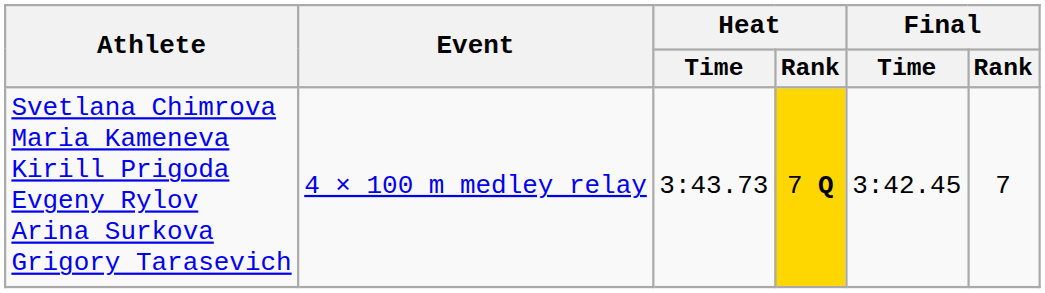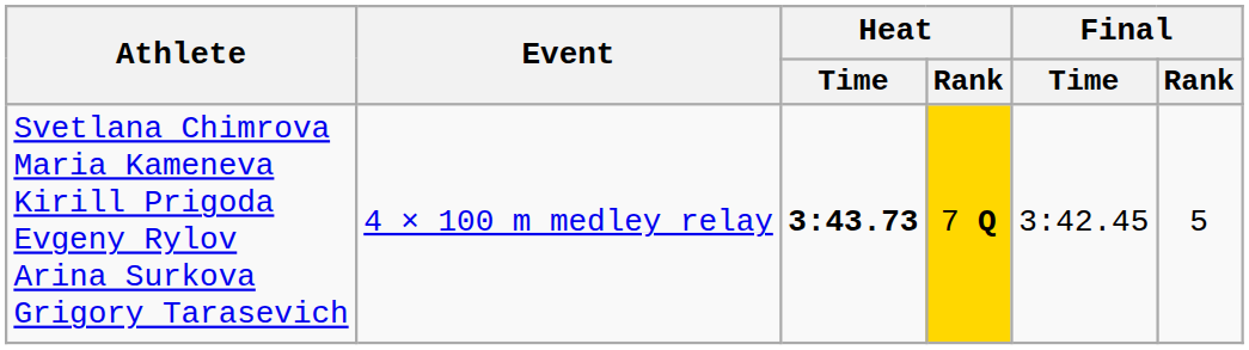 <table class=wikitable style="text-align:center; font-size:90%">
 <tr>
 <th rowspan=2>Athlete</th>
 <th rowspan=2>Event</th>
 <th colspan=2>Heat</th>
 <th colspan=2>Final</th>
 </tr>
 <tr style="font-size:95%">
 <th>Time</th>
 <th>Rank</th>
 <th>Time</th>
 <th>Rank</th>
 </tr>
 <tr>
 <td align=left><a href='#'>Svetlana Chimrova</a><br><a href='#'>Maria Kameneva</a><br><a href='#'>Kirill Prigoda</a> <br> <a href='#'>Evgeny Rylov</a><br><a href='#'>Arina Surkova</a><br><a href='#'>Grigory Tarasevich</a></td>
 <td align=left><a href='#'>4 × 100 m medley relay</a></td>
-<td>3:43.73</td>
+<td><strong>3:43.73</strong></td>
 <td style="background: gold;">7 <strong>Q</strong></td>
 <td>3:42.45</td>
-<td>7</td>
+<td>5</td>
 </tr>
 </table>
